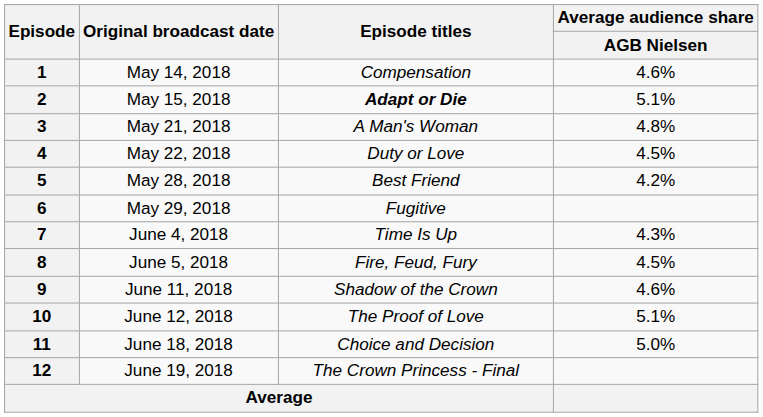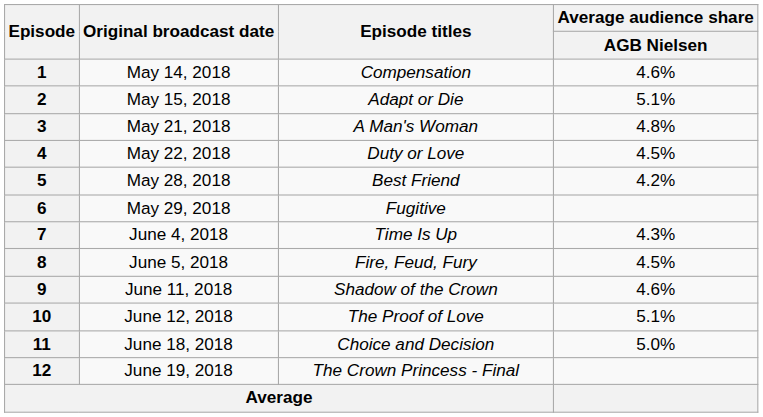 <table class="wikitable" style="text-align:center;">
 <tr>
 <th rowspan="2">Episode</th>
 <th rowspan="2">Original broadcast date</th>
 <th rowspan="2" width="250">Episode titles</th>
 <th colspan="3">Average audience share</th>
 </tr>
 <tr>
 <th>AGB Nielsen</th>
 </tr>
 <tr>
 <th>1</th>
 <td>May 14, 2018</td>
 <td><em>Compensation</em></td>
 <td>4.6%</td>
 </tr>
 <tr>
 <th>2</th>
 <td>May 15, 2018</td>
-<td><strong><em>Adapt or Die</em></strong></td>
+<td><em>Adapt or Die</em></td>
 <td>5.1%</td>
 </tr>
 <tr>
 <th>3</th>
 <td>May 21, 2018</td>
 <td><em>A Man's Woman</em></td>
 <td>4.8%</td>
 </tr>
 <tr>
 <th>4</th>
 <td>May 22, 2018</td>
 <td><em>Duty or Love</em></td>
 <td>4.5%</td>
 </tr>
 <tr>
 <th>5</th>
 <td>May 28, 2018</td>
 <td><em>Best Friend</em></td>
 <td>4.2%</td>
 </tr>
 <tr>
 <th>6</th>
 <td>May 29, 2018</td>
 <td><em>Fugitive</em></td>
 <td></td>
 </tr>
 <tr>
 <th>7</th>
 <td>June 4, 2018</td>
 <td><em>Time Is Up</em></td>
 <td>4.3%</td>
 </tr>
 <tr>
 <th>8</th>
 <td>June 5, 2018</td>
 <td><em>Fire, Feud, Fury</em></td>
 <td>4.5%</td>
 </tr>
 <tr>
 <th>9</th>
 <td>June 11, 2018</td>
 <td><em>Shadow of the Crown</em></td>
 <td>4.6%</td>
 </tr>
 <tr>
 <th>10</th>
 <td>June 12, 2018</td>
 <td><em>The Proof of Love</em></td>
 <td>5.1%</td>
 </tr>
 <tr>
 <th>11</th>
 <td>June 18, 2018</td>
 <td><em>Choice and Decision</em></td>
 <td>5.0%</td>
 </tr>
 <tr>
 <th>12</th>
 <td>June 19, 2018</td>
 <td><em>The Crown Princess - Final</em></td>
 <td></td>
 </tr>
 <tr>
 <th colspan="3">Average</th>
 <th></th>
 </tr>
 </table>
